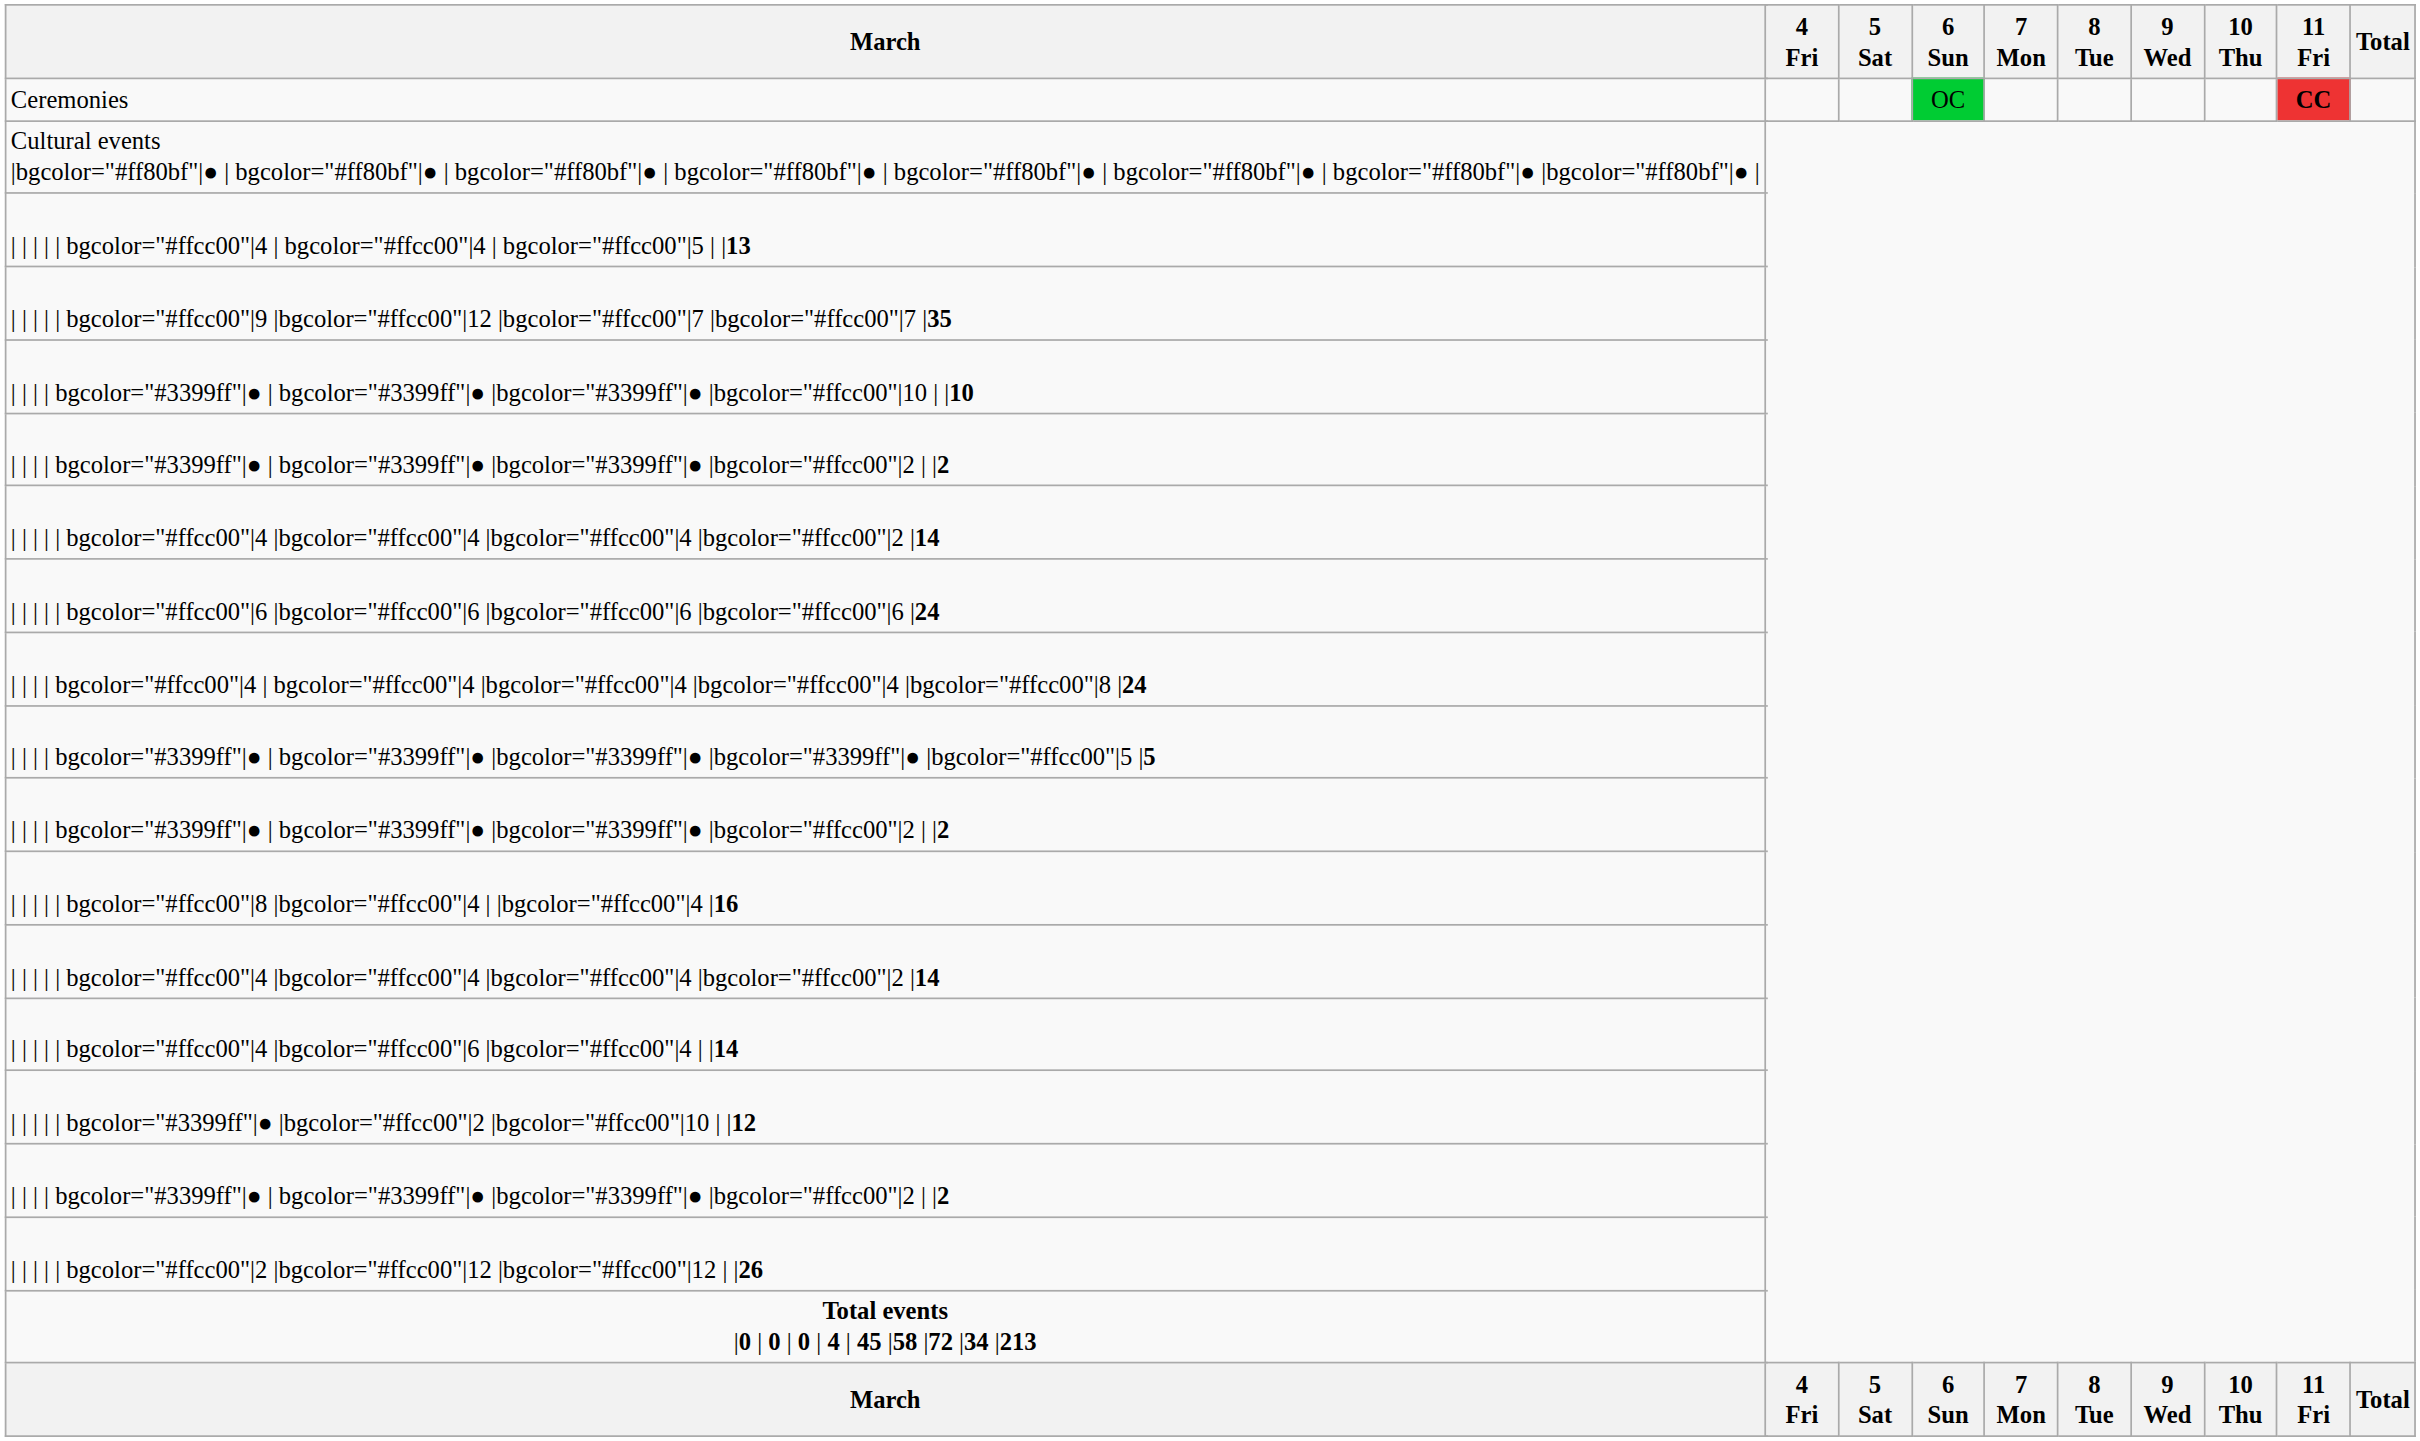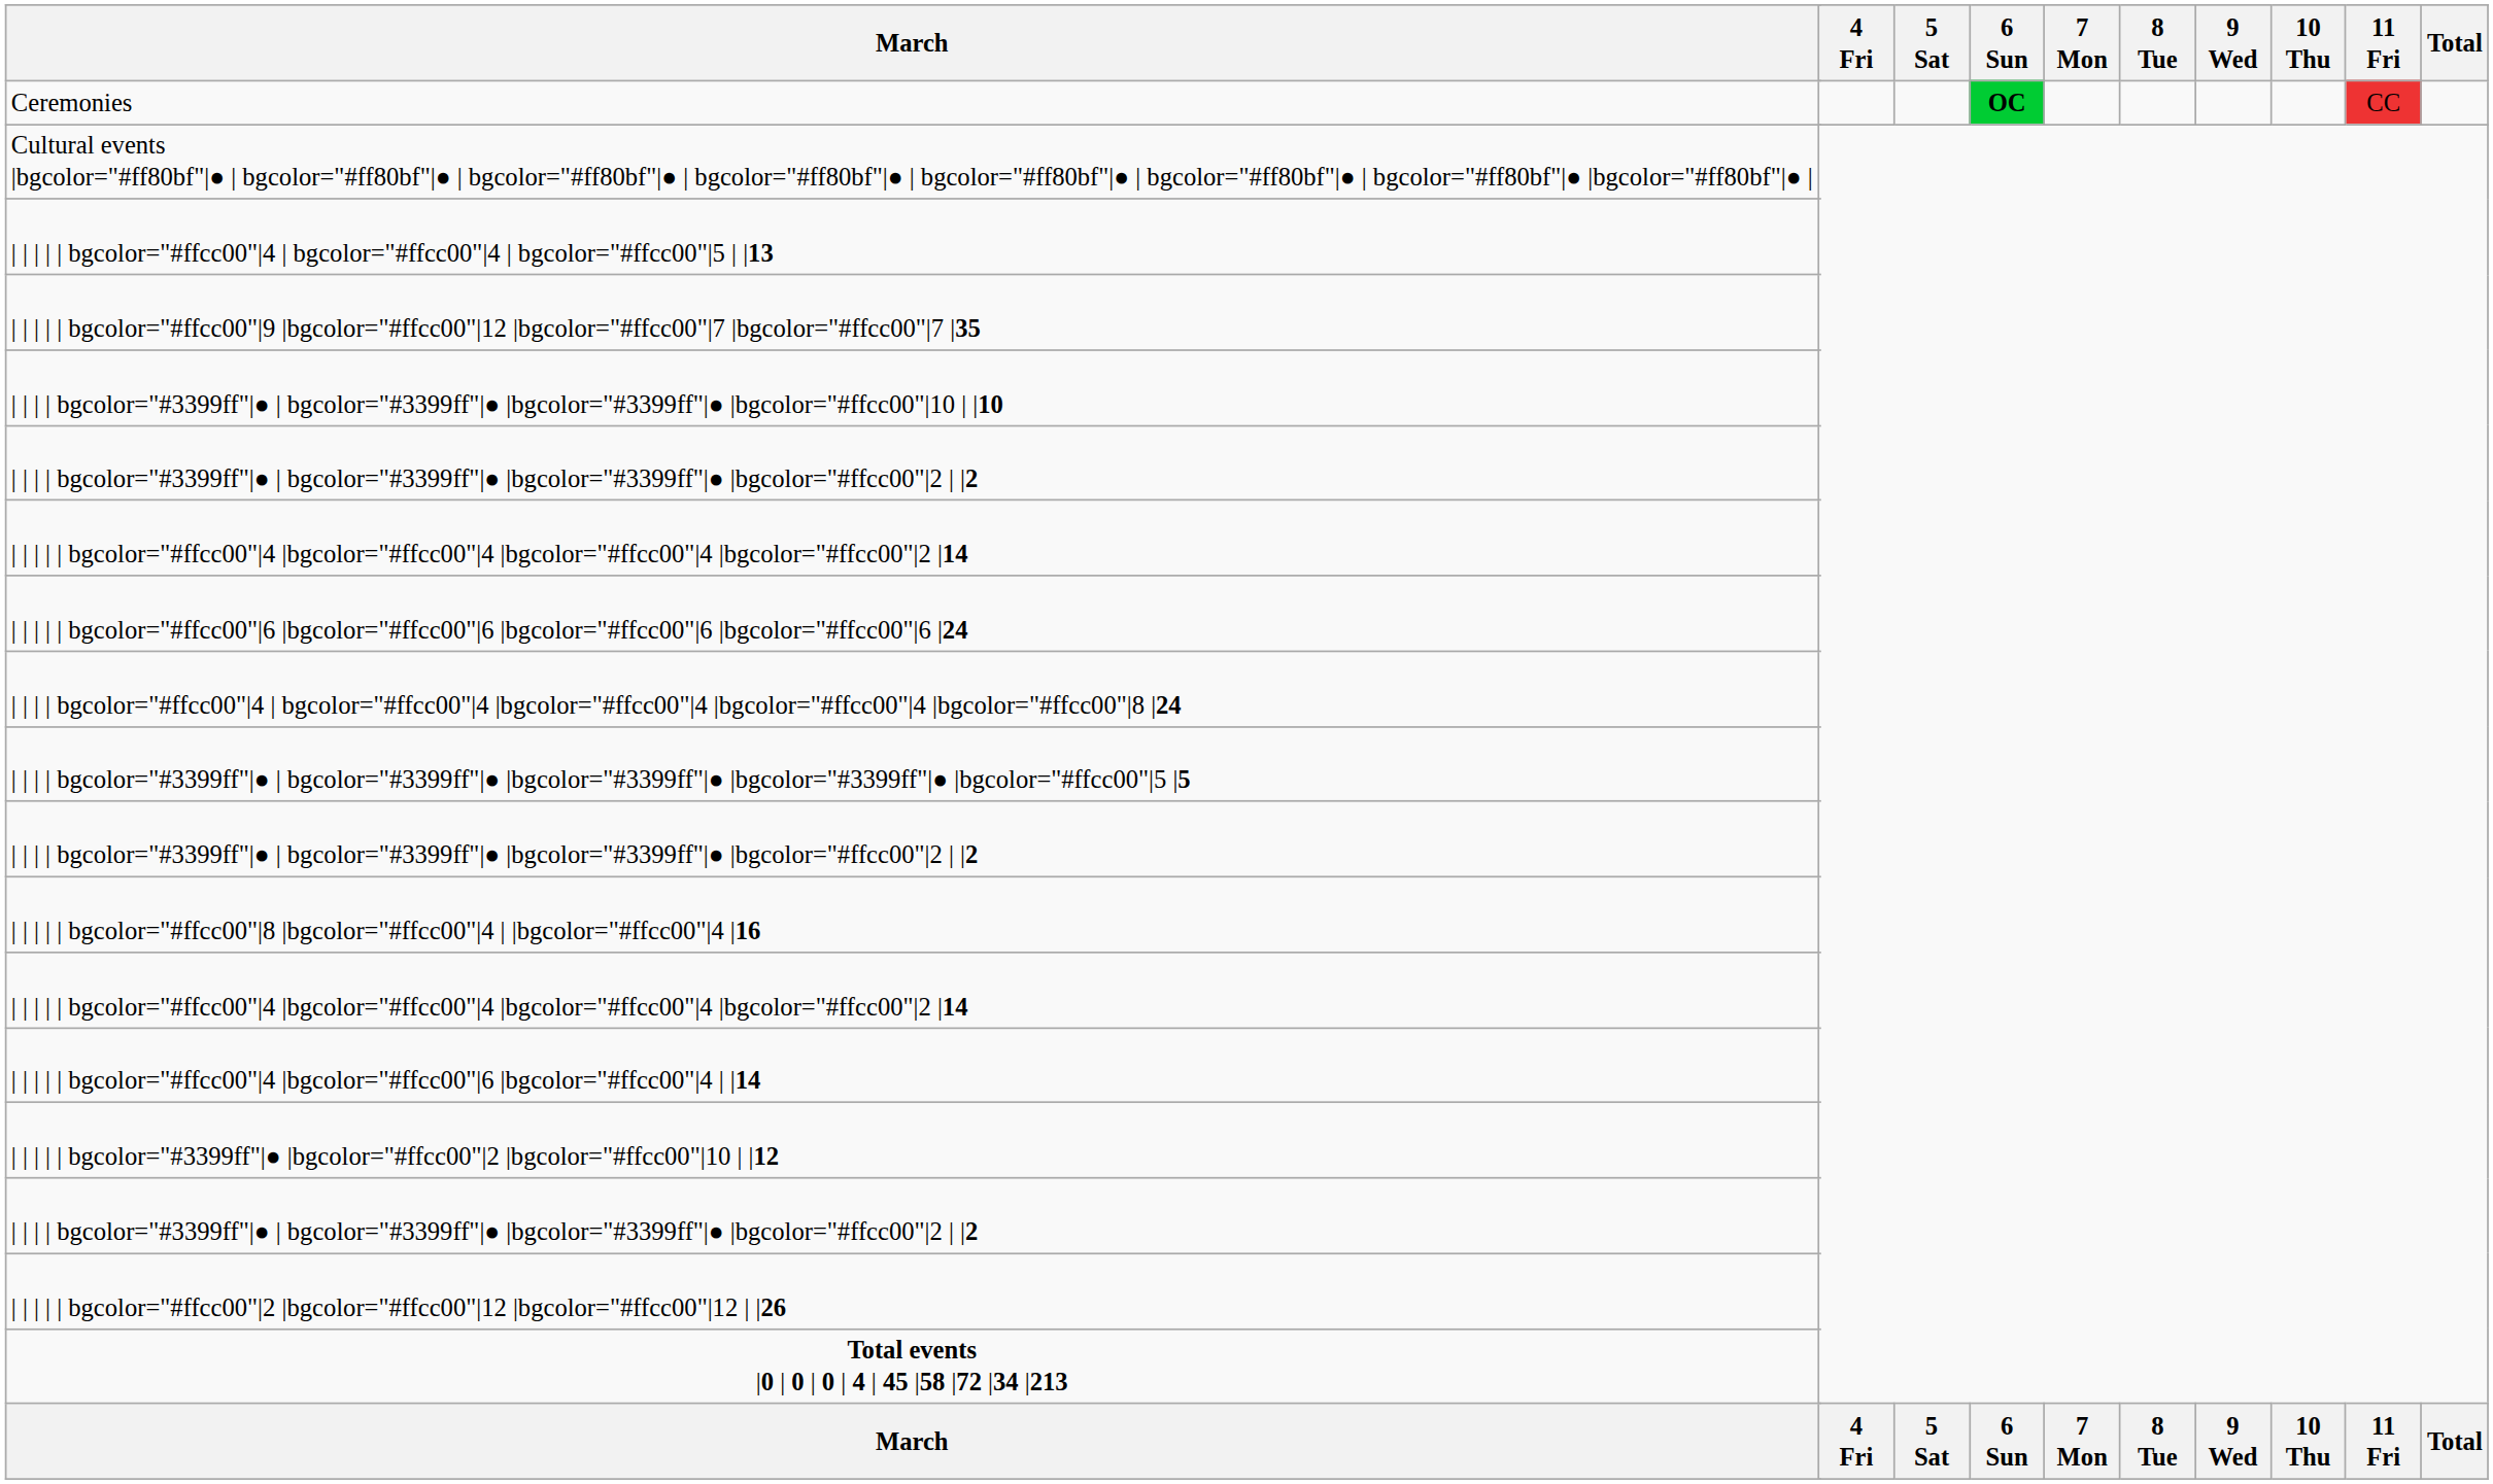 <table class="wikitable"style="text-align:center; margin:0.5em auto; font-size:90%; line-height:1.25em;">
 <tr>
 <th colspan=2>March</th>
 <th style="width:2.5em">4<br>Fri</th>
 <th style="width:2.5em">5<br>Sat</th>
 <th style="width:2.5em">6<br>Sun</th>
 <th style="width:2.5em">7<br>Mon</th>
 <th style="width:2.5em">8<br>Tue</th>
 <th style="width:2.5em">9<br>Wed</th>
 <th style="width:2.5em">10<br>Thu</th>
 <th style="width:2.5em">11<br>Fri</th>
 <th>Total</th>
 </tr>
 <tr>
 <td colspan=2 align=left>Ceremonies</td>
 <td></td>
 <td></td>
-<td bgcolor="#00cc33">OC</td>
+<td bgcolor="#00cc33"><strong>OC</strong></td>
 <td></td>
 <td></td>
 <td></td>
 <td></td>
-<td bgcolor="#ee3333"><strong>CC</strong></td>
+<td bgcolor="#ee3333">CC</td>
 <td></td>
 </tr>
 <tr>
 <td colspan=2 align=left>Cultural events<br>|bgcolor="#ff80bf"|● | bgcolor="#ff80bf"|● | bgcolor="#ff80bf"|● | bgcolor="#ff80bf"|● | bgcolor="#ff80bf"|● | bgcolor="#ff80bf"|● | bgcolor="#ff80bf"|● |bgcolor="#ff80bf"|● |</td>
 </tr>
 <tr>
 <td colspan=2 align=left><br>| |  |  |  | bgcolor="#ffcc00"|4 | bgcolor="#ffcc00"|4 | bgcolor="#ffcc00"|5 | |<strong>13</strong></td>
 </tr>
 <tr>
 <td colspan=2 align=left><br>| |  |  |  | bgcolor="#ffcc00"|9 |bgcolor="#ffcc00"|12 |bgcolor="#ffcc00"|7 |bgcolor="#ffcc00"|7 |<strong>35</strong></td>
 </tr>
 <tr>
 <td colspan=2 align=left><br>| |  |  | bgcolor="#3399ff"|● | bgcolor="#3399ff"|● |bgcolor="#3399ff"|● |bgcolor="#ffcc00"|10 | |<strong>10</strong></td>
 </tr>
 <tr>
 <td colspan=2 align=left><br>| |  |  | bgcolor="#3399ff"|● | bgcolor="#3399ff"|● |bgcolor="#3399ff"|● |bgcolor="#ffcc00"|2 | |<strong>2</strong></td>
 </tr>
 <tr>
 <td colspan=2 align=left><br>| |  |  |  | bgcolor="#ffcc00"|4 |bgcolor="#ffcc00"|4 |bgcolor="#ffcc00"|4 |bgcolor="#ffcc00"|2 |<strong>14</strong></td>
 </tr>
 <tr>
 <td colspan=2 align=left><br>| |  |  |  | bgcolor="#ffcc00"|6 |bgcolor="#ffcc00"|6 |bgcolor="#ffcc00"|6 |bgcolor="#ffcc00"|6 |<strong>24</strong></td>
 </tr>
 <tr>
 <td colspan=2 align=left><br>| |  |  | bgcolor="#ffcc00"|4 | bgcolor="#ffcc00"|4 |bgcolor="#ffcc00"|4 |bgcolor="#ffcc00"|4 |bgcolor="#ffcc00"|8 |<strong>24</strong></td>
 </tr>
 <tr>
 <td colspan=2 align=left><br>| |  |  | bgcolor="#3399ff"|● | bgcolor="#3399ff"|● |bgcolor="#3399ff"|● |bgcolor="#3399ff"|● |bgcolor="#ffcc00"|5 |<strong>5</strong></td>
 </tr>
 <tr>
 <td colspan=2 align=left><br>| |  |  | bgcolor="#3399ff"|● | bgcolor="#3399ff"|● |bgcolor="#3399ff"|● |bgcolor="#ffcc00"|2 | |<strong>2</strong></td>
 </tr>
 <tr>
 <td colspan=2 align=left><br>| |  |  |  | bgcolor="#ffcc00"|8 |bgcolor="#ffcc00"|4 | |bgcolor="#ffcc00"|4 |<strong>16</strong></td>
 </tr>
 <tr>
 <td colspan=2 align=left><br>| |  |  |  | bgcolor="#ffcc00"|4 |bgcolor="#ffcc00"|4 |bgcolor="#ffcc00"|4 |bgcolor="#ffcc00"|2 |<strong>14</strong></td>
 </tr>
 <tr>
 <td colspan=2 align=left><br>| |  |  |  | bgcolor="#ffcc00"|4 |bgcolor="#ffcc00"|6 |bgcolor="#ffcc00"|4 | |<strong>14</strong></td>
 </tr>
 <tr>
 <td colspan=2 align=left><br>| |  |  |  | bgcolor="#3399ff"|● |bgcolor="#ffcc00"|2 |bgcolor="#ffcc00"|10 | |<strong>12</strong></td>
 </tr>
 <tr>
 <td colspan=2 align=left><br>| |  |  | bgcolor="#3399ff"|● | bgcolor="#3399ff"|● |bgcolor="#3399ff"|● |bgcolor="#ffcc00"|2 | |<strong>2</strong></td>
 </tr>
 <tr>
 <td colspan=2 align=left><br>| |  |  |  | bgcolor="#ffcc00"|2 |bgcolor="#ffcc00"|12 |bgcolor="#ffcc00"|12 | |<strong>26</strong></td>
 </tr>
 <tr>
 <td colspan=2><strong>Total events</strong><br>|<strong>0</strong> | <strong>0</strong> | <strong>0</strong> | <strong>4</strong> | <strong>45</strong> |<strong>58</strong> |<strong>72</strong> |<strong>34</strong> |<strong>213</strong></td>
 </tr>
 <tr>
 <th colspan=2>March</th>
 <th>4<br>Fri</th>
 <th>5<br>Sat</th>
 <th>6<br>Sun</th>
 <th>7<br>Mon</th>
 <th>8<br>Tue</th>
 <th>9<br>Wed</th>
 <th>10<br>Thu</th>
 <th>11<br>Fri</th>
 <th>Total</th>
 </tr>
 </table>
